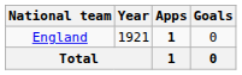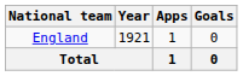 <table class="wikitable" style="text-align: center;">
 <tr>
 <th>National team</th>
 <th>Year</th>
 <th>Apps</th>
 <th>Goals</th>
 </tr>
 <tr>
 <td><a href='#'>England</a></td>
 <td>1921</td>
-<td><strong>1</strong></td>
+<td>1</td>
 <td>0</td>
 </tr>
 <tr>
 <th colspan="2">Total</th>
 <th>1</th>
 <th>0</th>
 </tr>
 </table>
